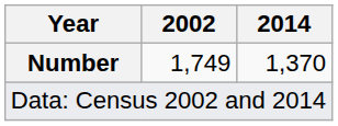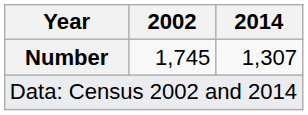 <table class="wikitable" style="text-align:right">
 <tr>
 <th>Year</th>
 <th>2002</th>
 <th>2014</th>
 </tr>
 <tr>
 <th>Number</th>
-<td>1,749</td>
-<td> 1,370</td>
+<td>1,745</td>
+<td> 1,307</td>
 </tr>
 <tr>
 <td colspan=15 class="wikitable" style="align:left;text-align:left;background-color:#eaecf0">Data: Census 2002 and 2014</td>
 </tr>
 </table>
